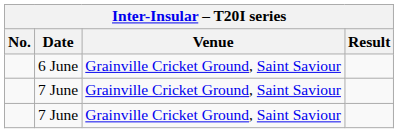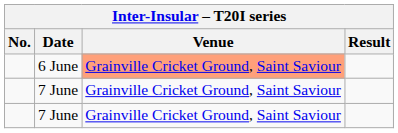 <table class="wikitable">
 <tr>
 <th colspan="5"><a href='#'>Inter-Insular</a> – T20I series</th>
 </tr>
 <tr>
 <th>No.</th>
 <th>Date</th>
 <th>Venue</th>
 <th>Result</th>
 </tr>
 <tr>
 <td></td>
 <td>6 June</td>
-<td><a href='#'>Grainville Cricket Ground</a>, <a href='#'>Saint Saviour</a></td>
+<td style="background: lightsalmon;"><a href='#'>Grainville Cricket Ground</a>, <a href='#'>Saint Saviour</a></td>
 <td></td>
 </tr>
 <tr>
 <td></td>
 <td>7 June</td>
 <td><a href='#'>Grainville Cricket Ground</a>, <a href='#'>Saint Saviour</a></td>
 <td></td>
 </tr>
 <tr>
 <td></td>
 <td>7 June</td>
 <td><a href='#'>Grainville Cricket Ground</a>, <a href='#'>Saint Saviour</a></td>
 <td></td>
 </tr>
 </table>
